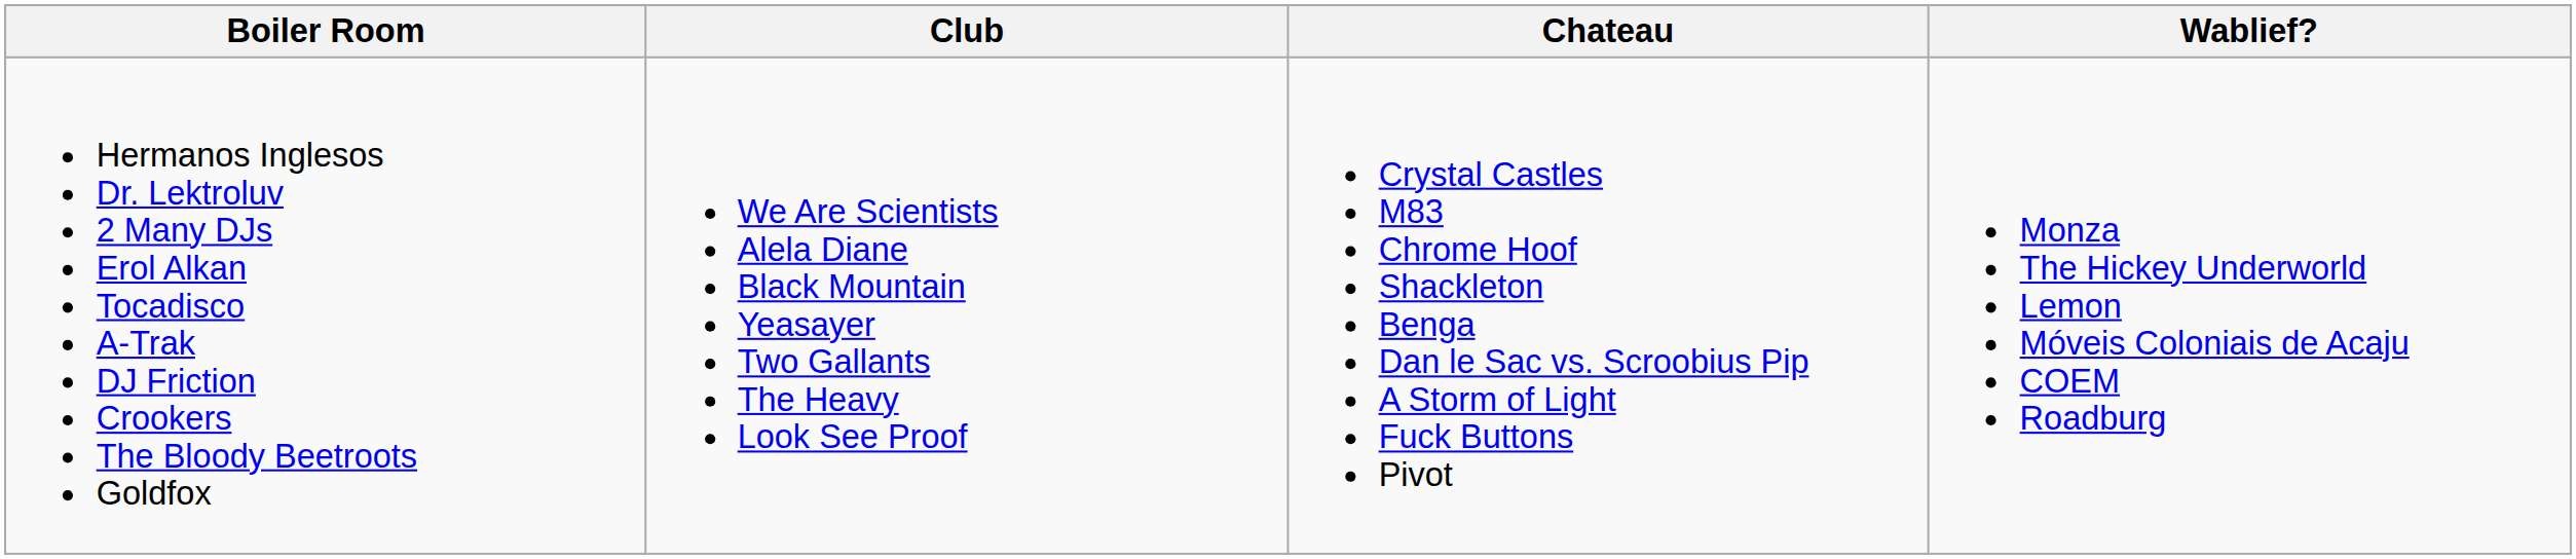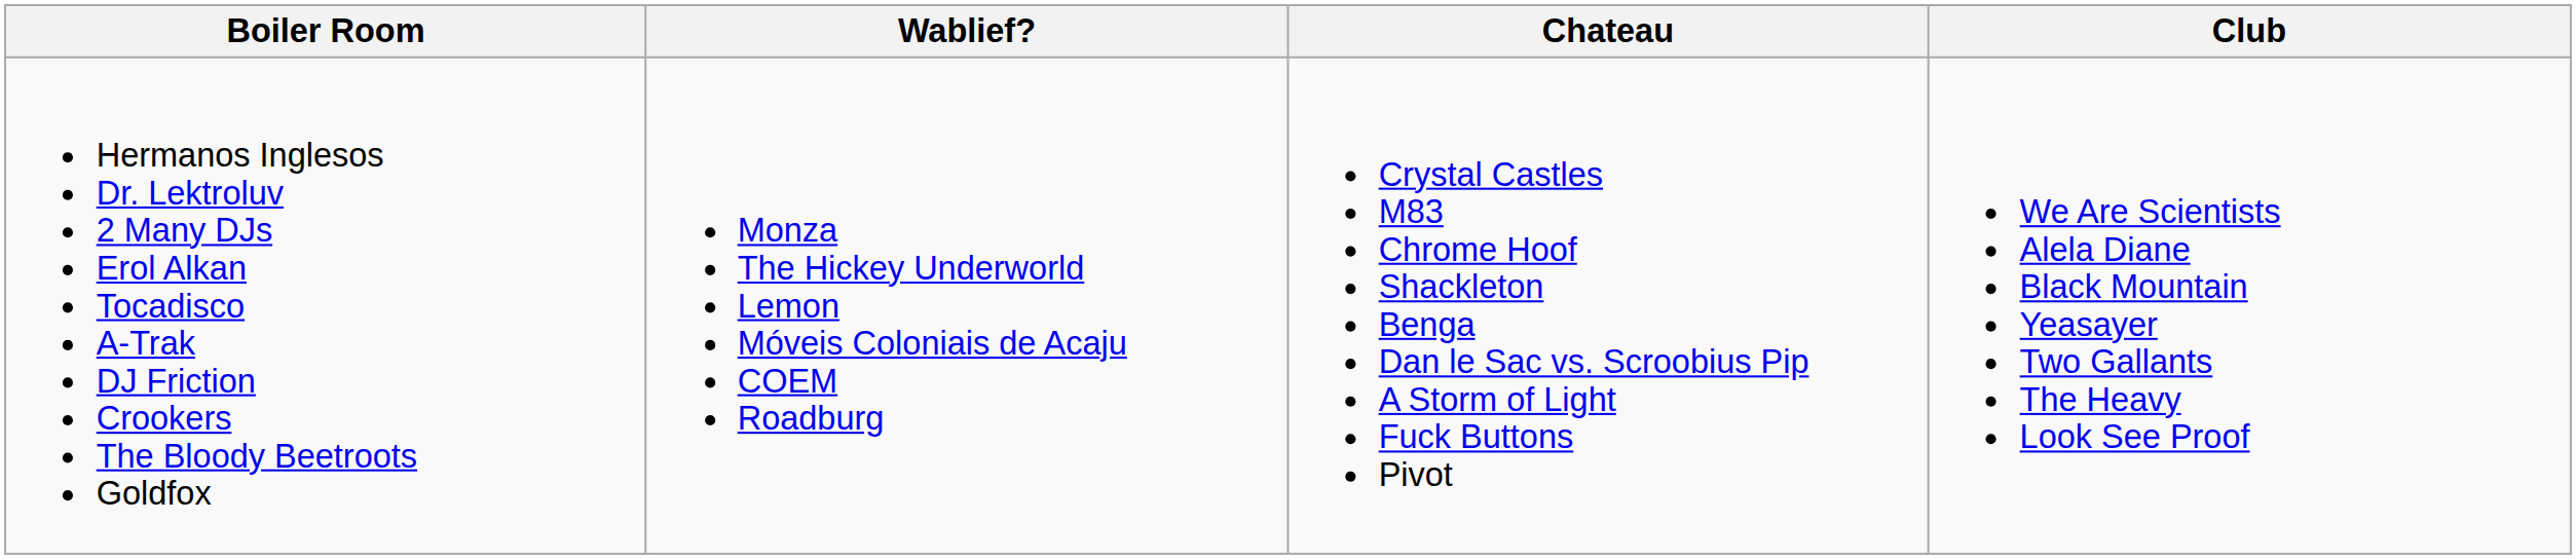 <table class="wikitable">
 <tr>
 <th width="300" rowspan="1">Boiler Room</th>
+<th width="300" rowspan="1">Wablief?</th>
+<th width="300" rowspan="1">Chateau</th>
 <th width="300" rowspan="1">Club</th>
-<th width="300" rowspan="1">Chateau</th>
-<th width="300" rowspan="1">Wablief?</th>
 </tr>
 <tr>
 <td><br><ul><li>Hermanos Inglesos</li><li><a href='#'>Dr. Lektroluv</a></li><li><a href='#'>2 Many DJs</a></li><li><a href='#'>Erol Alkan</a></li><li><a href='#'>Tocadisco</a></li><li><a href='#'>A-Trak</a></li><li><a href='#'>DJ Friction</a></li><li><a href='#'>Crookers</a></li><li><a href='#'>The Bloody Beetroots</a></li><li>Goldfox</li></ul></td>
+<td><br><ul><li><a href='#'>Monza</a></li><li><a href='#'>The Hickey Underworld</a></li><li><a href='#'>Lemon</a></li><li><a href='#'>Móveis Coloniais de Acaju</a></li><li><a href='#'>COEM</a></li><li><a href='#'>Roadburg</a></li></ul></td>
+<td><br><ul><li><a href='#'>Crystal Castles</a></li><li><a href='#'>M83</a></li><li><a href='#'>Chrome Hoof</a></li><li><a href='#'>Shackleton</a></li><li><a href='#'>Benga</a></li><li><a href='#'>Dan le Sac vs. Scroobius Pip</a></li><li><a href='#'>A Storm of Light</a></li><li><a href='#'>Fuck Buttons</a></li><li>Pivot</li></ul></td>
 <td><br><ul><li><a href='#'>We Are Scientists</a></li><li><a href='#'>Alela Diane</a></li><li><a href='#'>Black Mountain</a></li><li><a href='#'>Yeasayer</a></li><li><a href='#'>Two Gallants</a></li><li><a href='#'>The Heavy</a></li><li><a href='#'>Look See Proof</a></li></ul></td>
-<td><br><ul><li><a href='#'>Crystal Castles</a></li><li><a href='#'>M83</a></li><li><a href='#'>Chrome Hoof</a></li><li><a href='#'>Shackleton</a></li><li><a href='#'>Benga</a></li><li><a href='#'>Dan le Sac vs. Scroobius Pip</a></li><li><a href='#'>A Storm of Light</a></li><li><a href='#'>Fuck Buttons</a></li><li>Pivot</li></ul></td>
-<td><br><ul><li><a href='#'>Monza</a></li><li><a href='#'>The Hickey Underworld</a></li><li><a href='#'>Lemon</a></li><li><a href='#'>Móveis Coloniais de Acaju</a></li><li><a href='#'>COEM</a></li><li><a href='#'>Roadburg</a></li></ul></td>
 </tr>
 </table>
